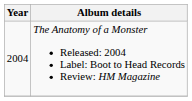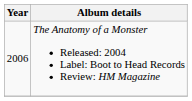 <table class="wikitable">
 <tr>
 <th>Year</th>
 <th>Album details</th>
 </tr>
 <tr>
-<td align="center">2004</td>
+<td align="center">2006</td>
 <td><em>The Anatomy of a Monster</em><br><ul><li>Released: 2004</li><li>Label: Boot to Head Records</li><li>Review: <em>HM Magazine</em></li></ul></td>
 </tr>
 <tr>
 </tr>
 </table>
